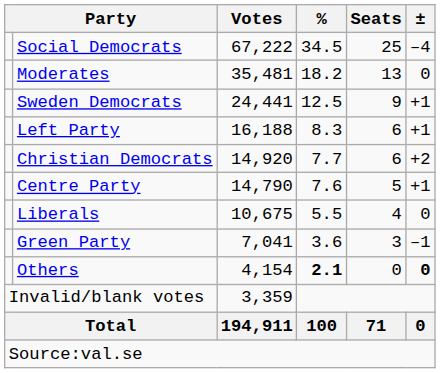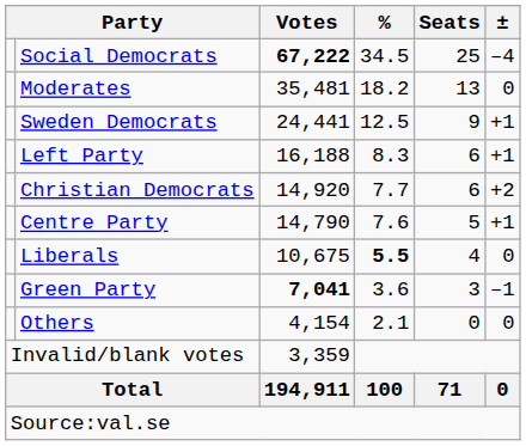 <table class=wikitable style=text-align:right>
 <tr>
 <th colspan=2>Party</th>
 <th>Votes</th>
 <th>%</th>
 <th>Seats</th>
 <th>±</th>
 </tr>
 <tr>
 <td bgcolor=></td>
 <td align=left><a href='#'>Social Democrats</a></td>
-<td>67,222</td>
+<td><strong>67,222</strong></td>
 <td>34.5</td>
 <td>25</td>
 <td>–4</td>
 </tr>
 <tr>
 <td bgcolor=></td>
 <td align=left><a href='#'>Moderates</a></td>
 <td>35,481</td>
 <td>18.2</td>
 <td>13</td>
 <td>0</td>
 </tr>
 <tr>
 <td bgcolor=></td>
 <td align=left><a href='#'>Sweden Democrats</a></td>
 <td>24,441</td>
 <td>12.5</td>
 <td>9</td>
 <td>+1</td>
 </tr>
 <tr>
 <td bgcolor=></td>
 <td align=left><a href='#'>Left Party</a></td>
 <td>16,188</td>
 <td>8.3</td>
 <td>6</td>
 <td>+1</td>
 </tr>
 <tr>
 <td bgcolor=></td>
 <td align=left><a href='#'>Christian Democrats</a></td>
 <td>14,920</td>
 <td>7.7</td>
 <td>6</td>
 <td>+2</td>
 </tr>
 <tr>
 <td bgcolor=></td>
 <td align=left><a href='#'>Centre Party</a></td>
 <td>14,790</td>
 <td>7.6</td>
 <td>5</td>
 <td>+1</td>
 </tr>
 <tr>
 <td bgcolor=></td>
 <td align=left><a href='#'>Liberals</a></td>
 <td>10,675</td>
-<td>5.5</td>
+<td><strong>5.5</strong></td>
 <td>4</td>
 <td>0</td>
 </tr>
 <tr>
 <td bgcolor=></td>
 <td align=left><a href='#'>Green Party</a></td>
-<td>7,041</td>
+<td><strong>7,041</strong></td>
 <td>3.6</td>
 <td>3</td>
 <td>–1</td>
 </tr>
 <tr>
 <td></td>
 <td align=left><a href='#'>Others</a></td>
 <td>4,154</td>
-<td><strong>2.1</strong></td>
+<td>2.1</td>
 <td>0</td>
-<td><strong>0</strong></td>
+<td>0</td>
 </tr>
 <tr>
 <td align=left colspan=2>Invalid/blank votes</td>
 <td>3,359</td>
 <td colspan=3></td>
 </tr>
 <tr>
 <th align=left colspan=2>Total</th>
 <th>194,911</th>
 <th>100</th>
 <th>71</th>
 <th>0</th>
 </tr>
 <tr>
 <td align=left colspan=6>Source:val.se </td>
 </tr>
 </table>
